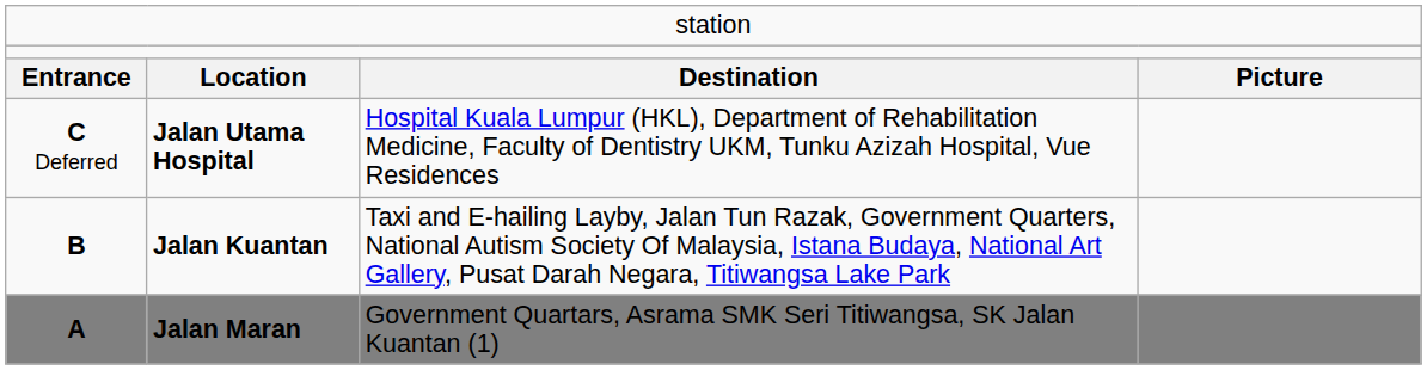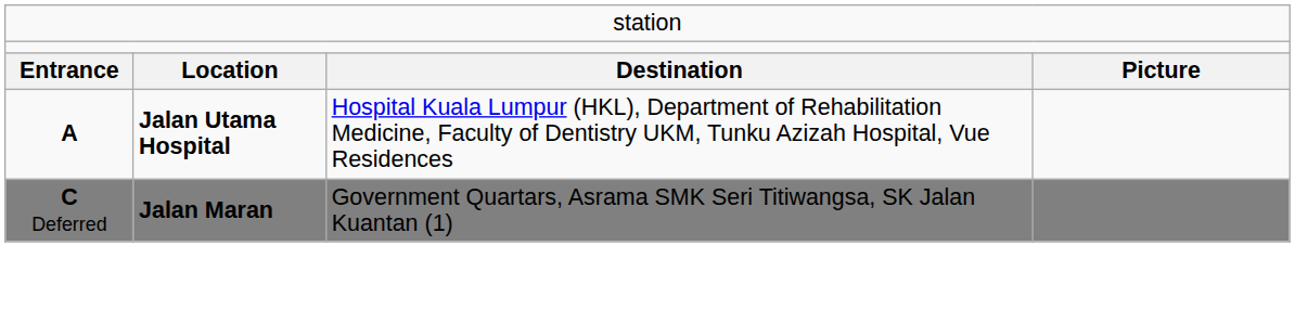 <table class="wikitable" style="width:70%">
 <tr>
 <td colspan="4" align="center"> station</td>
 </tr>
 <tr>
 <td colspan="4" align="center"></td>
 </tr>
 <tr>
 <th style="width:10%">Entrance</th>
 <th style="width:15%">Location</th>
 <th style="width:55%">Destination</th>
 <th style="width:20%">Picture</th>
 </tr>
 <tr>
-<td align="center"><strong><span>C</span></strong><br><small>Deferred</small></td>
+<td align="center"><strong><span>A</span></strong></td>
 <td><strong>Jalan Utama Hospital</strong></td>
 <td><a href='#'>Hospital Kuala Lumpur</a> (HKL), Department of Rehabilitation Medicine, Faculty of Dentistry UKM, Tunku Azizah Hospital, Vue Residences</td>
 <td></td>
 </tr>
-<tr>
-<td align="center"><strong><span>B</span></strong></td>
-<td><strong>Jalan Kuantan</strong></td>
-<td>Taxi and E-hailing Layby, Jalan Tun Razak, Government Quarters, National Autism Society Of Malaysia, <a href='#'>Istana Budaya</a>, <a href='#'>National Art Gallery</a>, Pusat Darah Negara, <a href='#'>Titiwangsa Lake Park</a></td>
-<td></td>
-</tr>
 <tr style="background:grey;">
-<td align="center"><strong><span>A</span></strong></td>
+<td align="center"><strong><span>C</span></strong><br><small>Deferred</small></td>
 <td><strong>Jalan Maran</strong></td>
 <td>Government Quartars, Asrama SMK Seri Titiwangsa, SK Jalan Kuantan (1)</td>
 <td></td>
 </tr>
 </table>
